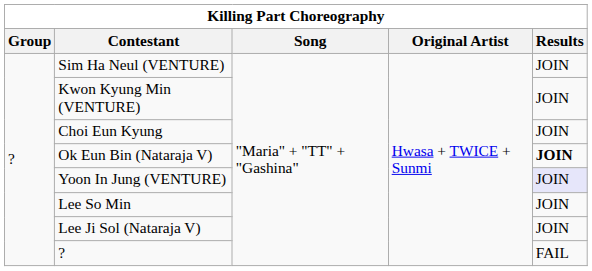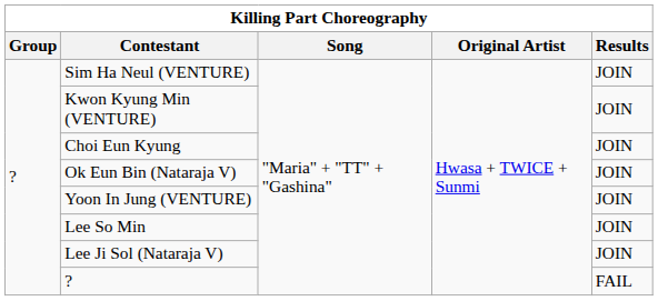 <table class="wikitable mw-collapsible mw-collapsed"  style="text-align:center font-size:90%">
 <tr>
 <th style="background:white"; colspan="5">Killing Part Choreography</th>
 </tr>
 <tr style="background:#f2f2f2">
 <th scope="col">Group</th>
 <th scope="col">Contestant</th>
 <th scope="col">Song</th>
 <th scope="col">Original Artist</th>
 <th scope="col">Results</th>
 </tr>
 <tr>
 <td rowspan="8">?</td>
 <td>Sim Ha Neul (VENTURE)</td>
 <td rowspan="8">"Maria" + "TT" + "Gashina"</td>
 <td rowspan="8"><a href='#'>Hwasa</a> + <a href='#'>TWICE</a> + <a href='#'>Sunmi</a></td>
 <td>JOIN</td>
 </tr>
 <tr>
 <td>Kwon Kyung Min (VENTURE)</td>
 <td>JOIN</td>
 </tr>
 <tr>
 <td>Choi Eun Kyung</td>
 <td>JOIN</td>
 </tr>
 <tr>
 <td>Ok Eun Bin (Nataraja V)</td>
-<td><strong>JOIN</strong></td>
+<td>JOIN</td>
 </tr>
 <tr>
 <td>Yoon In Jung (VENTURE)</td>
-<td style="background: lavender;">JOIN</td>
+<td>JOIN</td>
 </tr>
 <tr>
 <td>Lee So Min</td>
 <td>JOIN</td>
 </tr>
 <tr>
 <td>Lee Ji Sol (Nataraja V)</td>
 <td>JOIN</td>
 </tr>
 <tr>
 <td>?</td>
 <td>FAIL</td>
 </tr>
 </table>
